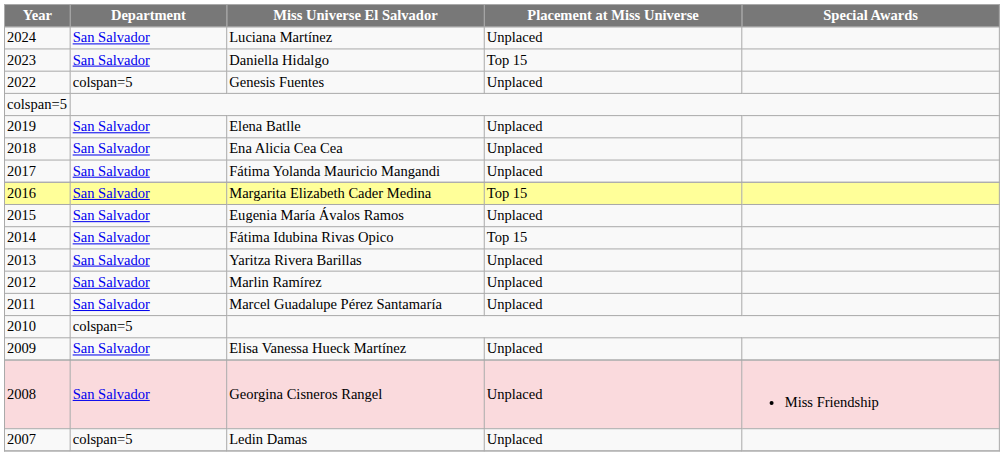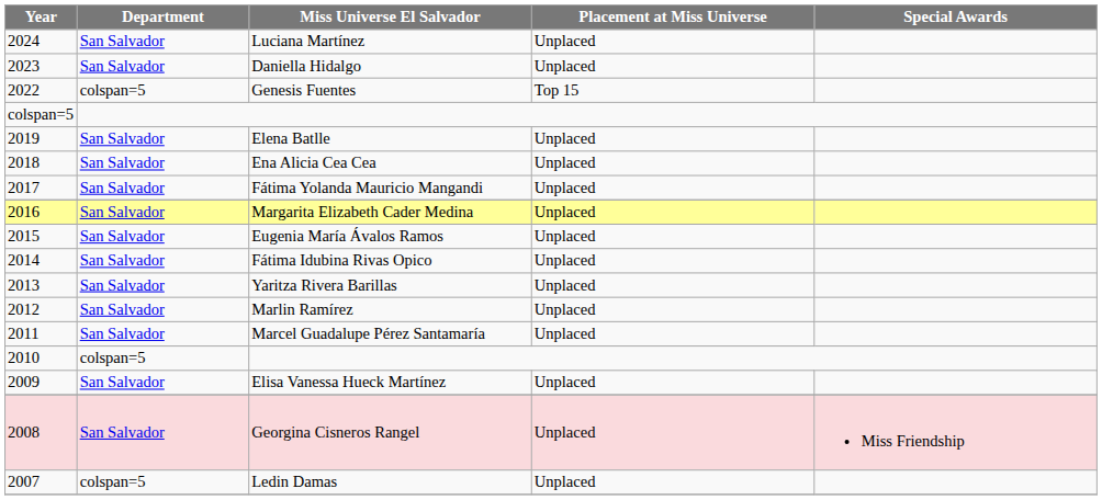 <table class="sortable" border="5" cellpadding="2" cellspacing="0" align=" 0 1em 0 0" style="background: #f9f9f9; border: 1px #aaa solid; border-collapse: collapse; font-size: 90%">
 <tr>
 <th width="60" style="background-color:#787878;color:#FFFFFF;">Year</th>
 <th width="150" style="background-color:#787878;color:#FFFFFF;">Department</th>
 <th width="250" style="background-color:#787878;color:#FFFFFF;">Miss Universe El Salvador</th>
 <th width="250" style="background-color:#787878;color:#FFFFFF;">Placement at Miss Universe</th>
 <th width="250" style="background-color:#787878;color:#FFFFFF;">Special Awards</th>
 </tr>
 <tr>
 <td>2024</td>
 <td><a href='#'>San Salvador</a></td>
 <td>Luciana Martínez</td>
 <td>Unplaced</td>
 <td></td>
 </tr>
 <tr>
 <td>2023</td>
 <td><a href='#'>San Salvador</a></td>
 <td>Daniella Hidalgo</td>
-<td>Top 15</td>
+<td>Unplaced</td>
 <td></td>
 </tr>
 <tr>
 <td>2022</td>
 <td>colspan=5 </td>
 <td>Genesis Fuentes</td>
-<td>Unplaced</td>
+<td>Top 15</td>
 <td></td>
 </tr>
 <tr>
 <td>colspan=5 </td>
 </tr>
 <tr>
 <td>2019</td>
 <td><a href='#'>San Salvador</a></td>
 <td>Elena Batlle</td>
 <td>Unplaced</td>
 <td></td>
 </tr>
 <tr>
 <td>2018</td>
 <td><a href='#'>San Salvador</a></td>
 <td>Ena Alicia Cea Cea</td>
 <td>Unplaced</td>
 <td></td>
 </tr>
 <tr>
 <td>2017</td>
 <td><a href='#'>San Salvador</a></td>
 <td>Fátima Yolanda Mauricio Mangandi</td>
 <td>Unplaced</td>
 <td></td>
 </tr>
 <tr>
 </tr>
 <tr style="background-color:#FFFF99;">
 <td>2016</td>
 <td><a href='#'>San Salvador</a></td>
 <td>Margarita Elizabeth Cader Medina</td>
-<td>Top 15</td>
+<td>Unplaced</td>
 <td></td>
 </tr>
 <tr>
 <td>2015</td>
 <td><a href='#'>San Salvador</a></td>
 <td>Eugenia María Ávalos Ramos</td>
 <td>Unplaced</td>
 <td></td>
 </tr>
 <tr>
 <td>2014</td>
 <td><a href='#'>San Salvador</a></td>
 <td>Fátima Idubina Rivas Opico</td>
-<td>Top 15</td>
+<td>Unplaced</td>
 <td></td>
 </tr>
 <tr>
 <td>2013</td>
 <td><a href='#'>San Salvador</a></td>
 <td>Yaritza Rivera Barillas</td>
 <td>Unplaced</td>
 <td></td>
 </tr>
 <tr>
 <td>2012</td>
 <td><a href='#'>San Salvador</a></td>
 <td>Marlin Ramírez</td>
 <td>Unplaced</td>
 <td></td>
 </tr>
 <tr>
 <td>2011</td>
 <td><a href='#'>San Salvador</a></td>
 <td>Marcel Guadalupe Pérez Santamaría</td>
 <td>Unplaced</td>
 <td></td>
 </tr>
 <tr>
 <td>2010</td>
 <td>colspan=5 </td>
 </tr>
 <tr>
 <td>2009</td>
 <td><a href='#'>San Salvador</a></td>
 <td>Elisa Vanessa Hueck Martínez</td>
 <td>Unplaced</td>
 <td></td>
 </tr>
 <tr>
 </tr>
 <tr style="background-color:#FADADD;">
 <td>2008</td>
 <td><a href='#'>San Salvador</a></td>
 <td>Georgina Cisneros Rangel</td>
 <td>Unplaced</td>
 <td align="left"><br><ul><li>Miss Friendship</li></ul></td>
 </tr>
 <tr>
 <td>2007</td>
 <td>colspan=5 </td>
 <td>Ledin Damas</td>
 <td>Unplaced</td>
 <td></td>
 </tr>
 <tr>
 </tr>
 </table>
